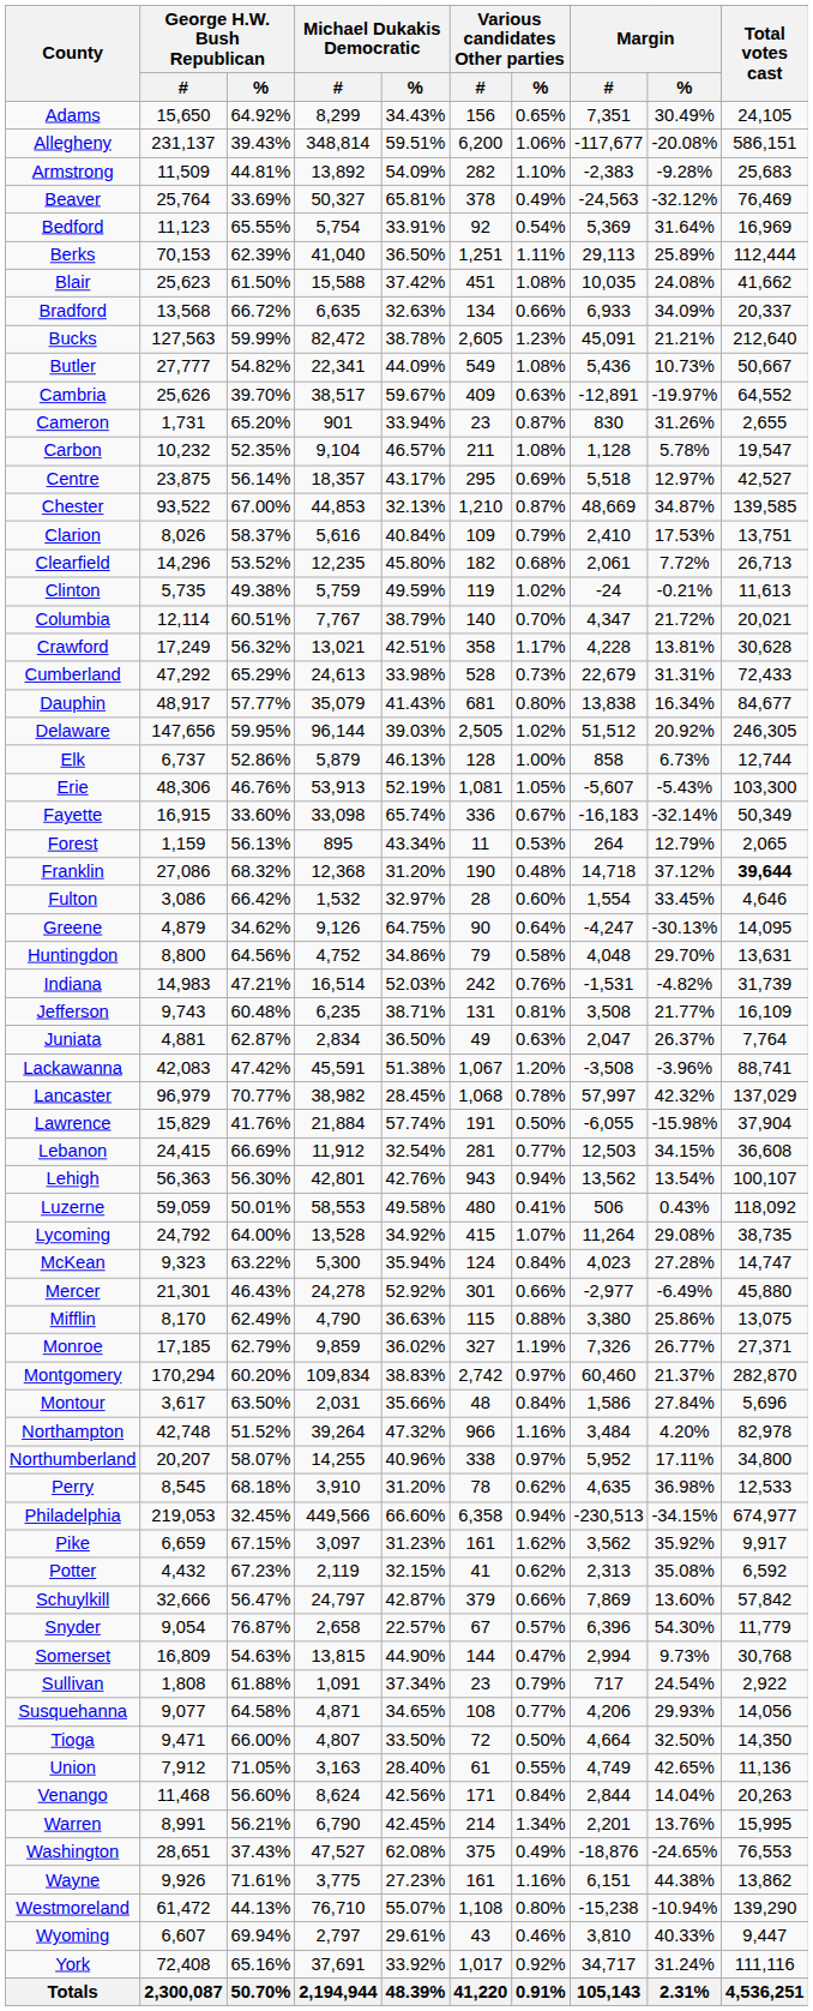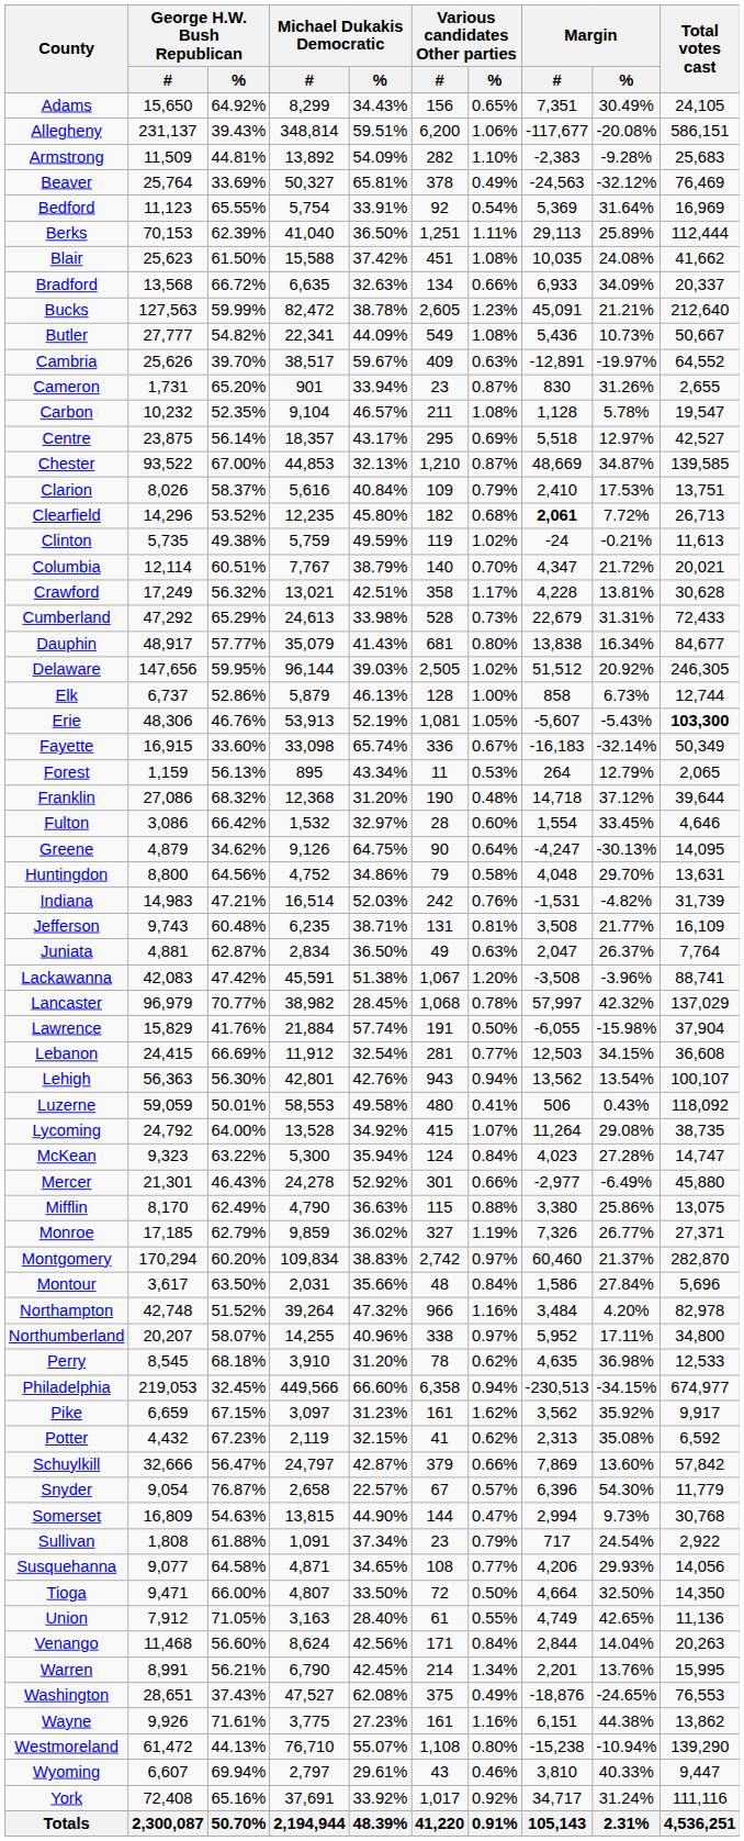 <table width="60%"  class="wikitable sortable" style="text-align:center">
 <tr>
 <th rowspan="2">County</th>
 <th style="text-align:center;" colspan="2">George H.W. Bush<br>Republican</th>
 <th style="text-align:center;" colspan="2">Michael Dukakis<br>Democratic</th>
 <th style="text-align:center;" colspan="2">Various candidates<br>Other parties</th>
 <th style="text-align:center;" colspan="2">Margin</th>
 <th rowspan="2" style="text-align:center;">Total votes cast</th>
 </tr>
 <tr>
 <th style="text-align:center;" data-sort-type="number">#</th>
 <th style="text-align:center;" data-sort-type="number">%</th>
 <th style="text-align:center;" data-sort-type="number">#</th>
 <th style="text-align:center;" data-sort-type="number">%</th>
 <th style="text-align:center;" data-sort-type="number">#</th>
 <th style="text-align:center;" data-sort-type="number">%</th>
 <th style="text-align:center;" data-sort-type="number">#</th>
 <th style="text-align:center;" data-sort-type="number">%</th>
 </tr>
 <tr style="text-align:center;">
 <td><a href='#'>Adams</a></td>
 <td>15,650</td>
 <td>64.92%</td>
 <td>8,299</td>
 <td>34.43%</td>
 <td>156</td>
 <td>0.65%</td>
 <td>7,351</td>
 <td>30.49%</td>
 <td>24,105</td>
 </tr>
 <tr style="text-align:center;">
 <td><a href='#'>Allegheny</a></td>
 <td>231,137</td>
 <td>39.43%</td>
 <td>348,814</td>
 <td>59.51%</td>
 <td>6,200</td>
 <td>1.06%</td>
 <td>-117,677</td>
 <td>-20.08%</td>
 <td>586,151</td>
 </tr>
 <tr style="text-align:center;">
 <td><a href='#'>Armstrong</a></td>
 <td>11,509</td>
 <td>44.81%</td>
 <td>13,892</td>
 <td>54.09%</td>
 <td>282</td>
 <td>1.10%</td>
 <td>-2,383</td>
 <td>-9.28%</td>
 <td>25,683</td>
 </tr>
 <tr style="text-align:center;">
 <td><a href='#'>Beaver</a></td>
 <td>25,764</td>
 <td>33.69%</td>
 <td>50,327</td>
 <td>65.81%</td>
 <td>378</td>
 <td>0.49%</td>
 <td>-24,563</td>
 <td>-32.12%</td>
 <td>76,469</td>
 </tr>
 <tr style="text-align:center;">
 <td><a href='#'>Bedford</a></td>
 <td>11,123</td>
 <td>65.55%</td>
 <td>5,754</td>
 <td>33.91%</td>
 <td>92</td>
 <td>0.54%</td>
 <td>5,369</td>
 <td>31.64%</td>
 <td>16,969</td>
 </tr>
 <tr style="text-align:center;">
 <td><a href='#'>Berks</a></td>
 <td>70,153</td>
 <td>62.39%</td>
 <td>41,040</td>
 <td>36.50%</td>
 <td>1,251</td>
 <td>1.11%</td>
 <td>29,113</td>
 <td>25.89%</td>
 <td>112,444</td>
 </tr>
 <tr style="text-align:center;">
 <td><a href='#'>Blair</a></td>
 <td>25,623</td>
 <td>61.50%</td>
 <td>15,588</td>
 <td>37.42%</td>
 <td>451</td>
 <td>1.08%</td>
 <td>10,035</td>
 <td>24.08%</td>
 <td>41,662</td>
 </tr>
 <tr style="text-align:center;">
 <td><a href='#'>Bradford</a></td>
 <td>13,568</td>
 <td>66.72%</td>
 <td>6,635</td>
 <td>32.63%</td>
 <td>134</td>
 <td>0.66%</td>
 <td>6,933</td>
 <td>34.09%</td>
 <td>20,337</td>
 </tr>
 <tr style="text-align:center;">
 <td><a href='#'>Bucks</a></td>
 <td>127,563</td>
 <td>59.99%</td>
 <td>82,472</td>
 <td>38.78%</td>
 <td>2,605</td>
 <td>1.23%</td>
 <td>45,091</td>
 <td>21.21%</td>
 <td>212,640</td>
 </tr>
 <tr style="text-align:center;">
 <td><a href='#'>Butler</a></td>
 <td>27,777</td>
 <td>54.82%</td>
 <td>22,341</td>
 <td>44.09%</td>
 <td>549</td>
 <td>1.08%</td>
 <td>5,436</td>
 <td>10.73%</td>
 <td>50,667</td>
 </tr>
 <tr style="text-align:center;">
 <td><a href='#'>Cambria</a></td>
 <td>25,626</td>
 <td>39.70%</td>
 <td>38,517</td>
 <td>59.67%</td>
 <td>409</td>
 <td>0.63%</td>
 <td>-12,891</td>
 <td>-19.97%</td>
 <td>64,552</td>
 </tr>
 <tr style="text-align:center;">
 <td><a href='#'>Cameron</a></td>
 <td>1,731</td>
 <td>65.20%</td>
 <td>901</td>
 <td>33.94%</td>
 <td>23</td>
 <td>0.87%</td>
 <td>830</td>
 <td>31.26%</td>
 <td>2,655</td>
 </tr>
 <tr style="text-align:center;">
 <td><a href='#'>Carbon</a></td>
 <td>10,232</td>
 <td>52.35%</td>
 <td>9,104</td>
 <td>46.57%</td>
 <td>211</td>
 <td>1.08%</td>
 <td>1,128</td>
 <td>5.78%</td>
 <td>19,547</td>
 </tr>
 <tr style="text-align:center;">
 <td><a href='#'>Centre</a></td>
 <td>23,875</td>
 <td>56.14%</td>
 <td>18,357</td>
 <td>43.17%</td>
 <td>295</td>
 <td>0.69%</td>
 <td>5,518</td>
 <td>12.97%</td>
 <td>42,527</td>
 </tr>
 <tr style="text-align:center;">
 <td><a href='#'>Chester</a></td>
 <td>93,522</td>
 <td>67.00%</td>
 <td>44,853</td>
 <td>32.13%</td>
 <td>1,210</td>
 <td>0.87%</td>
 <td>48,669</td>
 <td>34.87%</td>
 <td>139,585</td>
 </tr>
 <tr style="text-align:center;">
 <td><a href='#'>Clarion</a></td>
 <td>8,026</td>
 <td>58.37%</td>
 <td>5,616</td>
 <td>40.84%</td>
 <td>109</td>
 <td>0.79%</td>
 <td>2,410</td>
 <td>17.53%</td>
 <td>13,751</td>
 </tr>
 <tr style="text-align:center;">
 <td><a href='#'>Clearfield</a></td>
 <td>14,296</td>
 <td>53.52%</td>
 <td>12,235</td>
 <td>45.80%</td>
 <td>182</td>
 <td>0.68%</td>
-<td>2,061</td>
+<td><strong>2,061</strong></td>
 <td>7.72%</td>
 <td>26,713</td>
 </tr>
 <tr style="text-align:center;">
 <td><a href='#'>Clinton</a></td>
 <td>5,735</td>
 <td>49.38%</td>
 <td>5,759</td>
 <td>49.59%</td>
 <td>119</td>
 <td>1.02%</td>
 <td>-24</td>
 <td>-0.21%</td>
 <td>11,613</td>
 </tr>
 <tr style="text-align:center;">
 <td><a href='#'>Columbia</a></td>
 <td>12,114</td>
 <td>60.51%</td>
 <td>7,767</td>
 <td>38.79%</td>
 <td>140</td>
 <td>0.70%</td>
 <td>4,347</td>
 <td>21.72%</td>
 <td>20,021</td>
 </tr>
 <tr style="text-align:center;">
 <td><a href='#'>Crawford</a></td>
 <td>17,249</td>
 <td>56.32%</td>
 <td>13,021</td>
 <td>42.51%</td>
 <td>358</td>
 <td>1.17%</td>
 <td>4,228</td>
 <td>13.81%</td>
 <td>30,628</td>
 </tr>
 <tr style="text-align:center;">
 <td><a href='#'>Cumberland</a></td>
 <td>47,292</td>
 <td>65.29%</td>
 <td>24,613</td>
 <td>33.98%</td>
 <td>528</td>
 <td>0.73%</td>
 <td>22,679</td>
 <td>31.31%</td>
 <td>72,433</td>
 </tr>
 <tr style="text-align:center;">
 <td><a href='#'>Dauphin</a></td>
 <td>48,917</td>
 <td>57.77%</td>
 <td>35,079</td>
 <td>41.43%</td>
 <td>681</td>
 <td>0.80%</td>
 <td>13,838</td>
 <td>16.34%</td>
 <td>84,677</td>
 </tr>
 <tr style="text-align:center;">
 <td><a href='#'>Delaware</a></td>
 <td>147,656</td>
 <td>59.95%</td>
 <td>96,144</td>
 <td>39.03%</td>
 <td>2,505</td>
 <td>1.02%</td>
 <td>51,512</td>
 <td>20.92%</td>
 <td>246,305</td>
 </tr>
 <tr style="text-align:center;">
 <td><a href='#'>Elk</a></td>
 <td>6,737</td>
 <td>52.86%</td>
 <td>5,879</td>
 <td>46.13%</td>
 <td>128</td>
 <td>1.00%</td>
 <td>858</td>
 <td>6.73%</td>
 <td>12,744</td>
 </tr>
 <tr style="text-align:center;">
 <td><a href='#'>Erie</a></td>
 <td>48,306</td>
 <td>46.76%</td>
 <td>53,913</td>
 <td>52.19%</td>
 <td>1,081</td>
 <td>1.05%</td>
 <td>-5,607</td>
 <td>-5.43%</td>
-<td>103,300</td>
+<td><strong>103,300</strong></td>
 </tr>
 <tr style="text-align:center;">
 <td><a href='#'>Fayette</a></td>
 <td>16,915</td>
 <td>33.60%</td>
 <td>33,098</td>
 <td>65.74%</td>
 <td>336</td>
 <td>0.67%</td>
 <td>-16,183</td>
 <td>-32.14%</td>
 <td>50,349</td>
 </tr>
 <tr style="text-align:center;">
 <td><a href='#'>Forest</a></td>
 <td>1,159</td>
 <td>56.13%</td>
 <td>895</td>
 <td>43.34%</td>
 <td>11</td>
 <td>0.53%</td>
 <td>264</td>
 <td>12.79%</td>
 <td>2,065</td>
 </tr>
 <tr style="text-align:center;">
 <td><a href='#'>Franklin</a></td>
 <td>27,086</td>
 <td>68.32%</td>
 <td>12,368</td>
 <td>31.20%</td>
 <td>190</td>
 <td>0.48%</td>
 <td>14,718</td>
 <td>37.12%</td>
-<td><strong>39,644</strong></td>
+<td>39,644</td>
 </tr>
 <tr style="text-align:center;">
 <td><a href='#'>Fulton</a></td>
 <td>3,086</td>
 <td>66.42%</td>
 <td>1,532</td>
 <td>32.97%</td>
 <td>28</td>
 <td>0.60%</td>
 <td>1,554</td>
 <td>33.45%</td>
 <td>4,646</td>
 </tr>
 <tr style="text-align:center;">
 <td><a href='#'>Greene</a></td>
 <td>4,879</td>
 <td>34.62%</td>
 <td>9,126</td>
 <td>64.75%</td>
 <td>90</td>
 <td>0.64%</td>
 <td>-4,247</td>
 <td>-30.13%</td>
 <td>14,095</td>
 </tr>
 <tr style="text-align:center;">
 <td><a href='#'>Huntingdon</a></td>
 <td>8,800</td>
 <td>64.56%</td>
 <td>4,752</td>
 <td>34.86%</td>
 <td>79</td>
 <td>0.58%</td>
 <td>4,048</td>
 <td>29.70%</td>
 <td>13,631</td>
 </tr>
 <tr style="text-align:center;">
 <td><a href='#'>Indiana</a></td>
 <td>14,983</td>
 <td>47.21%</td>
 <td>16,514</td>
 <td>52.03%</td>
 <td>242</td>
 <td>0.76%</td>
 <td>-1,531</td>
 <td>-4.82%</td>
 <td>31,739</td>
 </tr>
 <tr style="text-align:center;">
 <td><a href='#'>Jefferson</a></td>
 <td>9,743</td>
 <td>60.48%</td>
 <td>6,235</td>
 <td>38.71%</td>
 <td>131</td>
 <td>0.81%</td>
 <td>3,508</td>
 <td>21.77%</td>
 <td>16,109</td>
 </tr>
 <tr style="text-align:center;">
 <td><a href='#'>Juniata</a></td>
 <td>4,881</td>
 <td>62.87%</td>
 <td>2,834</td>
 <td>36.50%</td>
 <td>49</td>
 <td>0.63%</td>
 <td>2,047</td>
 <td>26.37%</td>
 <td>7,764</td>
 </tr>
 <tr style="text-align:center;">
 <td><a href='#'>Lackawanna</a></td>
 <td>42,083</td>
 <td>47.42%</td>
 <td>45,591</td>
 <td>51.38%</td>
 <td>1,067</td>
 <td>1.20%</td>
 <td>-3,508</td>
 <td>-3.96%</td>
 <td>88,741</td>
 </tr>
 <tr style="text-align:center;">
 <td><a href='#'>Lancaster</a></td>
 <td>96,979</td>
 <td>70.77%</td>
 <td>38,982</td>
 <td>28.45%</td>
 <td>1,068</td>
 <td>0.78%</td>
 <td>57,997</td>
 <td>42.32%</td>
 <td>137,029</td>
 </tr>
 <tr style="text-align:center;">
 <td><a href='#'>Lawrence</a></td>
 <td>15,829</td>
 <td>41.76%</td>
 <td>21,884</td>
 <td>57.74%</td>
 <td>191</td>
 <td>0.50%</td>
 <td>-6,055</td>
 <td>-15.98%</td>
 <td>37,904</td>
 </tr>
 <tr style="text-align:center;">
 <td><a href='#'>Lebanon</a></td>
 <td>24,415</td>
 <td>66.69%</td>
 <td>11,912</td>
 <td>32.54%</td>
 <td>281</td>
 <td>0.77%</td>
 <td>12,503</td>
 <td>34.15%</td>
 <td>36,608</td>
 </tr>
 <tr style="text-align:center;">
 <td><a href='#'>Lehigh</a></td>
 <td>56,363</td>
 <td>56.30%</td>
 <td>42,801</td>
 <td>42.76%</td>
 <td>943</td>
 <td>0.94%</td>
 <td>13,562</td>
 <td>13.54%</td>
 <td>100,107</td>
 </tr>
 <tr style="text-align:center;">
 <td><a href='#'>Luzerne</a></td>
 <td>59,059</td>
 <td>50.01%</td>
 <td>58,553</td>
 <td>49.58%</td>
 <td>480</td>
 <td>0.41%</td>
 <td>506</td>
 <td>0.43%</td>
 <td>118,092</td>
 </tr>
 <tr style="text-align:center;">
 <td><a href='#'>Lycoming</a></td>
 <td>24,792</td>
 <td>64.00%</td>
 <td>13,528</td>
 <td>34.92%</td>
 <td>415</td>
 <td>1.07%</td>
 <td>11,264</td>
 <td>29.08%</td>
 <td>38,735</td>
 </tr>
 <tr style="text-align:center;">
 <td><a href='#'>McKean</a></td>
 <td>9,323</td>
 <td>63.22%</td>
 <td>5,300</td>
 <td>35.94%</td>
 <td>124</td>
 <td>0.84%</td>
 <td>4,023</td>
 <td>27.28%</td>
 <td>14,747</td>
 </tr>
 <tr style="text-align:center;">
 <td><a href='#'>Mercer</a></td>
 <td>21,301</td>
 <td>46.43%</td>
 <td>24,278</td>
 <td>52.92%</td>
 <td>301</td>
 <td>0.66%</td>
 <td>-2,977</td>
 <td>-6.49%</td>
 <td>45,880</td>
 </tr>
 <tr style="text-align:center;">
 <td><a href='#'>Mifflin</a></td>
 <td>8,170</td>
 <td>62.49%</td>
 <td>4,790</td>
 <td>36.63%</td>
 <td>115</td>
 <td>0.88%</td>
 <td>3,380</td>
 <td>25.86%</td>
 <td>13,075</td>
 </tr>
 <tr style="text-align:center;">
 <td><a href='#'>Monroe</a></td>
 <td>17,185</td>
 <td>62.79%</td>
 <td>9,859</td>
 <td>36.02%</td>
 <td>327</td>
 <td>1.19%</td>
 <td>7,326</td>
 <td>26.77%</td>
 <td>27,371</td>
 </tr>
 <tr style="text-align:center;">
 <td><a href='#'>Montgomery</a></td>
 <td>170,294</td>
 <td>60.20%</td>
 <td>109,834</td>
 <td>38.83%</td>
 <td>2,742</td>
 <td>0.97%</td>
 <td>60,460</td>
 <td>21.37%</td>
 <td>282,870</td>
 </tr>
 <tr style="text-align:center;">
 <td><a href='#'>Montour</a></td>
 <td>3,617</td>
 <td>63.50%</td>
 <td>2,031</td>
 <td>35.66%</td>
 <td>48</td>
 <td>0.84%</td>
 <td>1,586</td>
 <td>27.84%</td>
 <td>5,696</td>
 </tr>
 <tr style="text-align:center;">
 <td><a href='#'>Northampton</a></td>
 <td>42,748</td>
 <td>51.52%</td>
 <td>39,264</td>
 <td>47.32%</td>
 <td>966</td>
 <td>1.16%</td>
 <td>3,484</td>
 <td>4.20%</td>
 <td>82,978</td>
 </tr>
 <tr style="text-align:center;">
 <td><a href='#'>Northumberland</a></td>
 <td>20,207</td>
 <td>58.07%</td>
 <td>14,255</td>
 <td>40.96%</td>
 <td>338</td>
 <td>0.97%</td>
 <td>5,952</td>
 <td>17.11%</td>
 <td>34,800</td>
 </tr>
 <tr style="text-align:center;">
 <td><a href='#'>Perry</a></td>
 <td>8,545</td>
 <td>68.18%</td>
 <td>3,910</td>
 <td>31.20%</td>
 <td>78</td>
 <td>0.62%</td>
 <td>4,635</td>
 <td>36.98%</td>
 <td>12,533</td>
 </tr>
 <tr style="text-align:center;">
 <td><a href='#'>Philadelphia</a></td>
 <td>219,053</td>
 <td>32.45%</td>
 <td>449,566</td>
 <td>66.60%</td>
 <td>6,358</td>
 <td>0.94%</td>
 <td>-230,513</td>
 <td>-34.15%</td>
 <td>674,977</td>
 </tr>
 <tr style="text-align:center;">
 <td><a href='#'>Pike</a></td>
 <td>6,659</td>
 <td>67.15%</td>
 <td>3,097</td>
 <td>31.23%</td>
 <td>161</td>
 <td>1.62%</td>
 <td>3,562</td>
 <td>35.92%</td>
 <td>9,917</td>
 </tr>
 <tr style="text-align:center;">
 <td><a href='#'>Potter</a></td>
 <td>4,432</td>
 <td>67.23%</td>
 <td>2,119</td>
 <td>32.15%</td>
 <td>41</td>
 <td>0.62%</td>
 <td>2,313</td>
 <td>35.08%</td>
 <td>6,592</td>
 </tr>
 <tr style="text-align:center;">
 <td><a href='#'>Schuylkill</a></td>
 <td>32,666</td>
 <td>56.47%</td>
 <td>24,797</td>
 <td>42.87%</td>
 <td>379</td>
 <td>0.66%</td>
 <td>7,869</td>
 <td>13.60%</td>
 <td>57,842</td>
 </tr>
 <tr style="text-align:center;">
 <td><a href='#'>Snyder</a></td>
 <td>9,054</td>
 <td>76.87%</td>
 <td>2,658</td>
 <td>22.57%</td>
 <td>67</td>
 <td>0.57%</td>
 <td>6,396</td>
 <td>54.30%</td>
 <td>11,779</td>
 </tr>
 <tr style="text-align:center;">
 <td><a href='#'>Somerset</a></td>
 <td>16,809</td>
 <td>54.63%</td>
 <td>13,815</td>
 <td>44.90%</td>
 <td>144</td>
 <td>0.47%</td>
 <td>2,994</td>
 <td>9.73%</td>
 <td>30,768</td>
 </tr>
 <tr style="text-align:center;">
 <td><a href='#'>Sullivan</a></td>
 <td>1,808</td>
 <td>61.88%</td>
 <td>1,091</td>
 <td>37.34%</td>
 <td>23</td>
 <td>0.79%</td>
 <td>717</td>
 <td>24.54%</td>
 <td>2,922</td>
 </tr>
 <tr style="text-align:center;">
 <td><a href='#'>Susquehanna</a></td>
 <td>9,077</td>
 <td>64.58%</td>
 <td>4,871</td>
 <td>34.65%</td>
 <td>108</td>
 <td>0.77%</td>
 <td>4,206</td>
 <td>29.93%</td>
 <td>14,056</td>
 </tr>
 <tr style="text-align:center;">
 <td><a href='#'>Tioga</a></td>
 <td>9,471</td>
 <td>66.00%</td>
 <td>4,807</td>
 <td>33.50%</td>
 <td>72</td>
 <td>0.50%</td>
 <td>4,664</td>
 <td>32.50%</td>
 <td>14,350</td>
 </tr>
 <tr style="text-align:center;">
 <td><a href='#'>Union</a></td>
 <td>7,912</td>
 <td>71.05%</td>
 <td>3,163</td>
 <td>28.40%</td>
 <td>61</td>
 <td>0.55%</td>
 <td>4,749</td>
 <td>42.65%</td>
 <td>11,136</td>
 </tr>
 <tr style="text-align:center;">
 <td><a href='#'>Venango</a></td>
 <td>11,468</td>
 <td>56.60%</td>
 <td>8,624</td>
 <td>42.56%</td>
 <td>171</td>
 <td>0.84%</td>
 <td>2,844</td>
 <td>14.04%</td>
 <td>20,263</td>
 </tr>
 <tr style="text-align:center;">
 <td><a href='#'>Warren</a></td>
 <td>8,991</td>
 <td>56.21%</td>
 <td>6,790</td>
 <td>42.45%</td>
 <td>214</td>
 <td>1.34%</td>
 <td>2,201</td>
 <td>13.76%</td>
 <td>15,995</td>
 </tr>
 <tr style="text-align:center;">
 <td><a href='#'>Washington</a></td>
 <td>28,651</td>
 <td>37.43%</td>
 <td>47,527</td>
 <td>62.08%</td>
 <td>375</td>
 <td>0.49%</td>
 <td>-18,876</td>
 <td>-24.65%</td>
 <td>76,553</td>
 </tr>
 <tr style="text-align:center;">
 <td><a href='#'>Wayne</a></td>
 <td>9,926</td>
 <td>71.61%</td>
 <td>3,775</td>
 <td>27.23%</td>
 <td>161</td>
 <td>1.16%</td>
 <td>6,151</td>
 <td>44.38%</td>
 <td>13,862</td>
 </tr>
 <tr style="text-align:center;">
 <td><a href='#'>Westmoreland</a></td>
 <td>61,472</td>
 <td>44.13%</td>
 <td>76,710</td>
 <td>55.07%</td>
 <td>1,108</td>
 <td>0.80%</td>
 <td>-15,238</td>
 <td>-10.94%</td>
 <td>139,290</td>
 </tr>
 <tr style="text-align:center;">
 <td><a href='#'>Wyoming</a></td>
 <td>6,607</td>
 <td>69.94%</td>
 <td>2,797</td>
 <td>29.61%</td>
 <td>43</td>
 <td>0.46%</td>
 <td>3,810</td>
 <td>40.33%</td>
 <td>9,447</td>
 </tr>
 <tr style="text-align:center;">
 <td><a href='#'>York</a></td>
 <td>72,408</td>
 <td>65.16%</td>
 <td>37,691</td>
 <td>33.92%</td>
 <td>1,017</td>
 <td>0.92%</td>
 <td>34,717</td>
 <td>31.24%</td>
 <td>111,116</td>
 </tr>
 <tr style="text-align:center;">
 <th>Totals</th>
 <th>2,300,087</th>
 <th>50.70%</th>
 <th>2,194,944</th>
 <th>48.39%</th>
 <th>41,220</th>
 <th>0.91%</th>
 <th>105,143</th>
 <th>2.31%</th>
 <th>4,536,251</th>
 </tr>
 </table>
